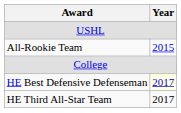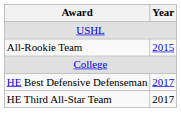 <table class="wikitable">
 <tr>
 <th>Award</th>
 <th>Year</th>
 </tr>
 <tr ALIGN="center" bgcolor="#e0e0e0">
 <td colspan="3"><a href='#'>USHL</a></td>
 </tr>
 <tr>
 <td>All-Rookie Team</td>
 <td><a href='#'>2015</a></td>
 </tr>
 <tr ALIGN="center" bgcolor="#e0e0e0">
 <td colspan="3"><a href='#'>College</a></td>
 </tr>
 <tr>
 <td><a href='#'>HE</a> Best Defensive Defenseman</td>
-<td style="background: lightyellow;"><a href='#'>2017</a></td>
+<td><a href='#'>2017</a></td>
 </tr>
 <tr>
 <td>HE Third All-Star Team</td>
 <td>2017</td>
 </tr>
 </table>
